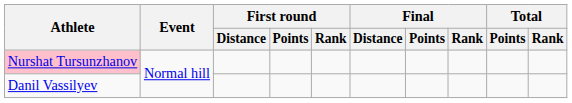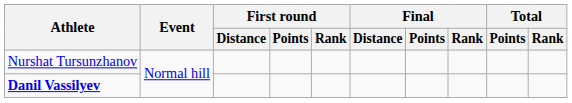 <table class="wikitable" style="font-size:90%">
 <tr>
 <th rowspan=2>Athlete</th>
 <th rowspan=2>Event</th>
 <th colspan=3>First round</th>
 <th colspan=3>Final</th>
 <th colspan=2>Total</th>
 </tr>
 <tr style="font-size:95%">
 <th>Distance</th>
 <th>Points</th>
 <th>Rank</th>
 <th>Distance</th>
 <th>Points</th>
 <th>Rank</th>
 <th>Points</th>
 <th>Rank</th>
 </tr>
 <tr align=center>
-<td align=left style="background: pink;"><a href='#'>Nurshat Tursunzhanov</a></td>
+<td align=left><a href='#'>Nurshat Tursunzhanov</a></td>
 <td align=left rowspan=2><a href='#'>Normal hill</a></td>
 <td></td>
 <td></td>
 <td></td>
 <td></td>
 <td></td>
 <td></td>
 <td></td>
 <td></td>
 </tr>
 <tr align=center>
-<td align=left><a href='#'>Danil Vassilyev</a></td>
+<td align=left><strong><a href='#'>Danil Vassilyev</a></strong></td>
 <td></td>
 <td></td>
 <td></td>
 <td></td>
 <td></td>
 <td></td>
 <td></td>
 <td></td>
 </tr>
 </table>
